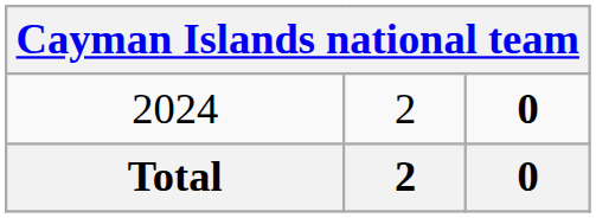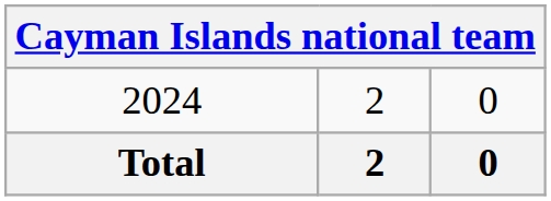 <table class="wikitable" style="text-align:center">
 <tr>
 <th colspan=3><a href='#'>Cayman Islands national team</a></th>
 </tr>
 <tr>
 <td>2024</td>
 <td>2</td>
-<td><strong>0</strong></td>
+<td>0</td>
 </tr>
 <tr>
 <th>Total</th>
 <th>2</th>
 <th>0</th>
 </tr>
 </table>
